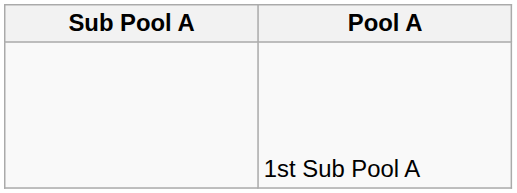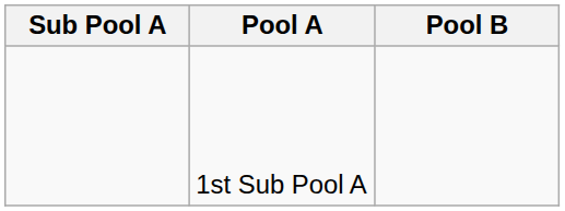 <table class="wikitable">
 <tr>
 <th width=33%>Sub Pool A</th>
 <th width=33%>Pool A</th>
+<th width=33%>Pool B</th>
 </tr>
 <tr>
 <td valign=top><br><br> <s></s></td>
 <td><br><br> <br> <br> 1st Sub Pool A</td>
+<td><br><br> <br> <br> <s></s></td>
 </tr>
 </table>
